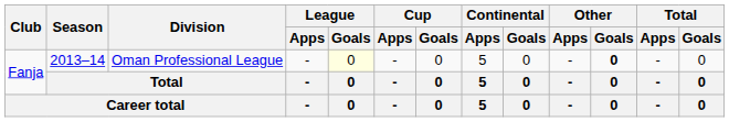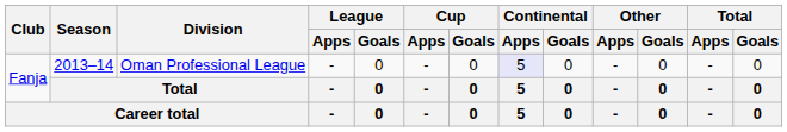 <table class="wikitable" style="text-align: center;">
 <tr>
 <th rowspan="2">Club</th>
 <th rowspan="2">Season</th>
 <th rowspan="2">Division</th>
 <th colspan="2">League</th>
 <th colspan="2">Cup</th>
 <th colspan="2">Continental</th>
 <th colspan="2">Other</th>
 <th colspan="2">Total</th>
 </tr>
 <tr>
 <th>Apps</th>
 <th>Goals</th>
 <th>Apps</th>
 <th>Goals</th>
 <th>Apps</th>
 <th>Goals</th>
 <th>Apps</th>
 <th>Goals</th>
 <th>Apps</th>
 <th>Goals</th>
 </tr>
 <tr>
 <td rowspan="2"><a href='#'>Fanja</a></td>
 <td><a href='#'>2013–14</a></td>
 <td rowspan="1"><a href='#'>Oman Professional League</a></td>
 <td>-</td>
-<td style="background: lightyellow;">0</td>
+<td>0</td>
 <td>-</td>
 <td>0</td>
-<td>5</td>
+<td style="background: lavender;">5</td>
 <td>0</td>
 <td>-</td>
-<td><strong>0</strong></td>
+<td>0</td>
 <td>-</td>
 <td>0</td>
 </tr>
 <tr>
 <th colspan="2">Total</th>
 <th>-</th>
 <th>0</th>
 <th>-</th>
 <th>0</th>
 <th>5</th>
 <th>0</th>
 <th>-</th>
 <th>0</th>
 <th>-</th>
 <th>0</th>
 </tr>
 <tr>
 <th colspan="3">Career total</th>
 <th>-</th>
 <th>0</th>
 <th>-</th>
 <th>0</th>
 <th>5</th>
 <th>0</th>
 <th>-</th>
 <th>0</th>
 <th>-</th>
 <th>0</th>
 </tr>
 </table>
